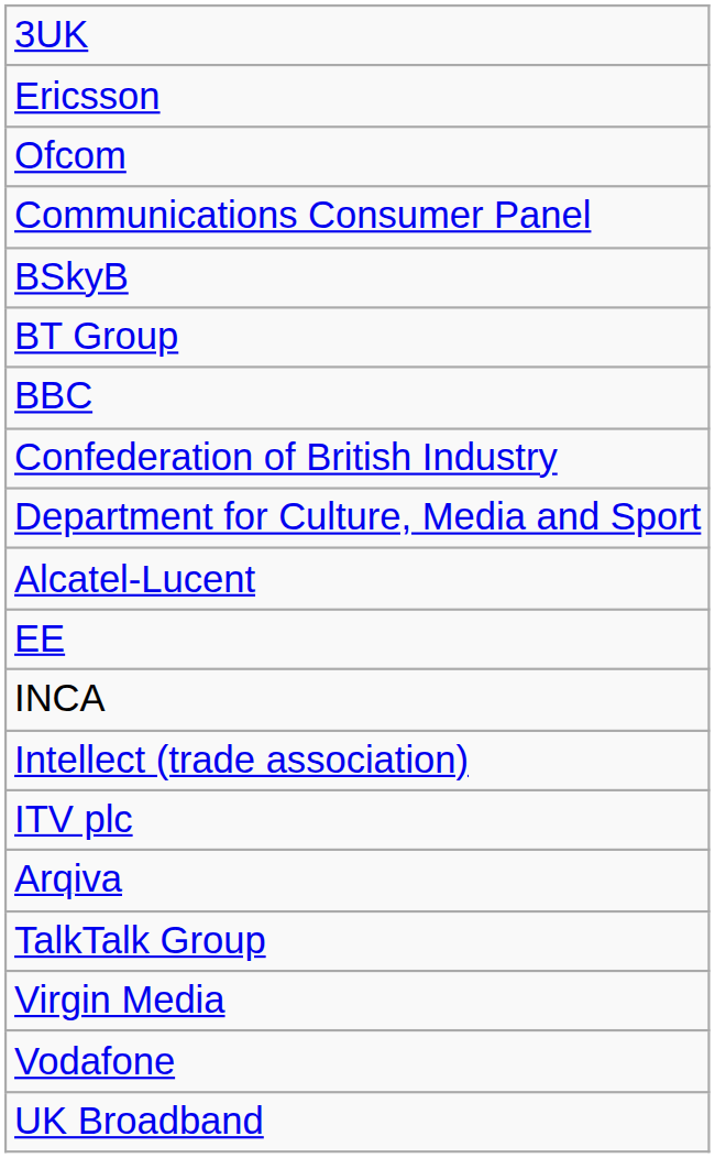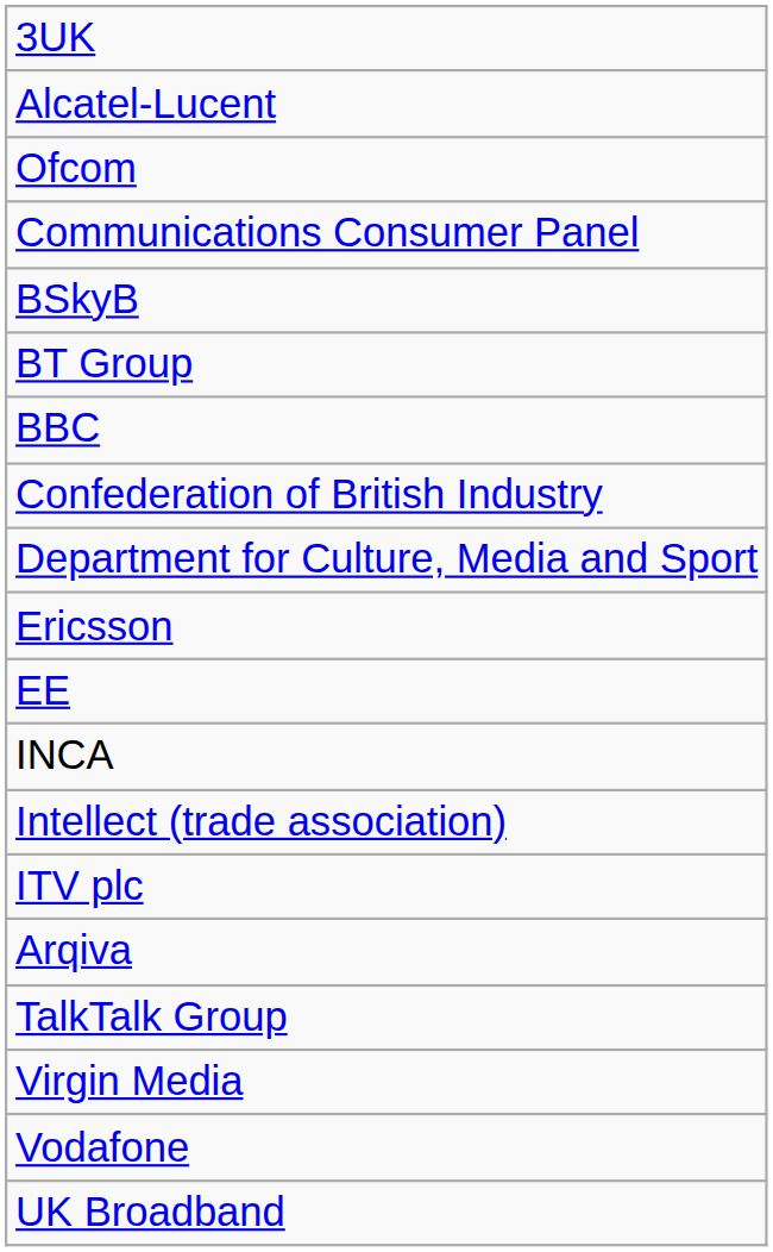 <table class="wikitable" border="1">
 <tr>
 <td><a href='#'>3UK</a></td>
 </tr>
 <tr>
-<td><a href='#'>Ericsson</a></td>
+<td><a href='#'>Alcatel-Lucent</a></td>
 </tr>
 <tr>
 <td><a href='#'>Ofcom</a></td>
 </tr>
 <tr>
 <td><a href='#'>Communications Consumer Panel</a></td>
 </tr>
 <tr>
 <td><a href='#'>BSkyB</a></td>
 </tr>
 <tr>
 <td><a href='#'>BT Group</a></td>
 </tr>
 <tr>
 <td><a href='#'>BBC</a></td>
 </tr>
 <tr>
 <td><a href='#'>Confederation of British Industry</a></td>
 </tr>
 <tr>
 <td><a href='#'>Department for Culture, Media and Sport</a></td>
 </tr>
 <tr>
-<td><a href='#'>Alcatel-Lucent</a></td>
+<td><a href='#'>Ericsson</a></td>
 </tr>
 <tr>
 <td><a href='#'>EE</a></td>
 </tr>
 <tr>
 <td>INCA</td>
 </tr>
 <tr>
 <td><a href='#'>Intellect (trade association)</a></td>
 </tr>
 <tr>
 <td><a href='#'>ITV plc</a></td>
 </tr>
 <tr>
 <td><a href='#'>Arqiva</a></td>
 </tr>
 <tr>
 <td><a href='#'>TalkTalk Group</a></td>
 </tr>
 <tr>
 <td><a href='#'>Virgin Media</a></td>
 </tr>
 <tr>
 <td><a href='#'>Vodafone</a></td>
 </tr>
 <tr>
 <td><a href='#'>UK Broadband</a></td>
 </tr>
 </table>
